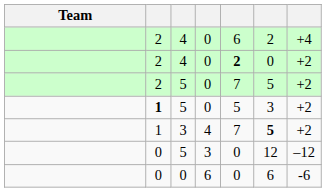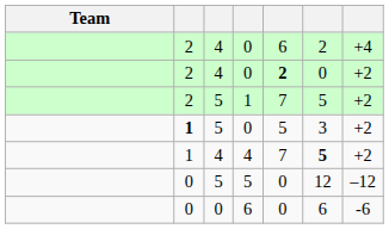 <table class="wikitable" style="text-align:center;">
 <tr>
 <th width=150>Team</th>
 <th width=20></th>
 <th width=20></th>
 <th width=20></th>
 <th width=30></th>
 <th width=30></th>
 <th width=30></th>
 </tr>
 <tr bgcolor="#ccffcc">
 <td align="left"></td>
 <td>2</td>
 <td>4</td>
 <td>0</td>
 <td>6</td>
 <td>2</td>
 <td>+4</td>
 </tr>
 <tr bgcolor="#ccffcc">
 <td align="left"></td>
 <td>2</td>
 <td>4</td>
 <td>0</td>
 <td><strong>2</strong></td>
 <td>0</td>
 <td>+2</td>
 </tr>
 <tr bgcolor="#ccffcc">
 <td align="left"></td>
 <td>2</td>
 <td>5</td>
-<td>0</td>
+<td>1</td>
 <td>7</td>
 <td>5</td>
 <td>+2</td>
 </tr>
 <tr>
 <td align="left"></td>
 <td><strong>1</strong></td>
 <td>5</td>
 <td>0</td>
 <td>5</td>
 <td>3</td>
 <td>+2</td>
 </tr>
 <tr>
 <td align="left"></td>
 <td>1</td>
-<td>3</td>
+<td>4</td>
 <td>4</td>
 <td>7</td>
 <td><strong>5</strong></td>
 <td>+2</td>
 </tr>
 <tr>
 <td align="left"></td>
 <td>0</td>
 <td>5</td>
-<td>3</td>
+<td>5</td>
 <td>0</td>
 <td>12</td>
 <td>–12</td>
 </tr>
 <tr>
 <td align="left"></td>
 <td>0</td>
 <td>0</td>
 <td>6</td>
 <td>0</td>
 <td>6</td>
 <td>-6</td>
 </tr>
 </table>
